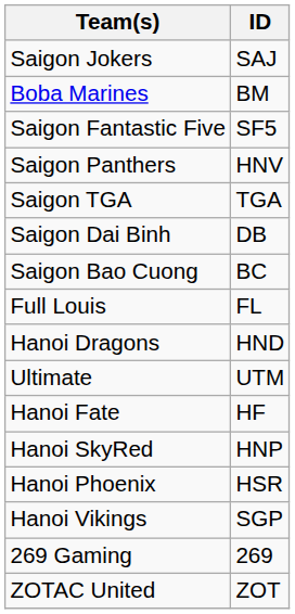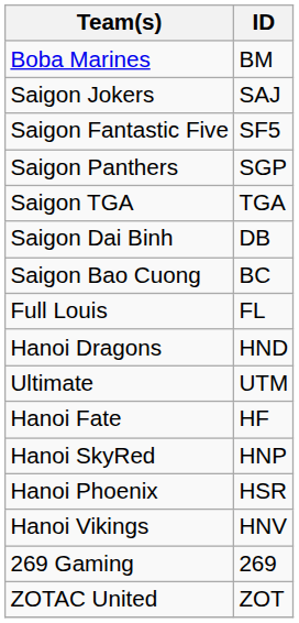 <table class="wikitable">
 <tr>
 <th>Team(s)</th>
 <th>ID</th>
 </tr>
 <tr>
+<td> <a href='#'>Boba Marines</a></td>
+<td>BM</td>
+</tr>
+<tr>
 <td> Saigon Jokers</td>
 <td>SAJ</td>
-</tr>
-<tr>
-<td> <a href='#'>Boba Marines</a></td>
-<td>BM</td>
 </tr>
 <tr>
 <td> Saigon Fantastic Five</td>
 <td>SF5</td>
 </tr>
 <tr>
 <td> Saigon Panthers</td>
-<td>HNV</td>
+<td>SGP</td>
 </tr>
 <tr>
 <td> Saigon TGA</td>
 <td>TGA</td>
 </tr>
 <tr>
 <td> Saigon Dai Binh</td>
 <td>DB</td>
 </tr>
 <tr>
 <td> Saigon Bao Cuong</td>
 <td>BC</td>
 </tr>
 <tr>
 <td> Full Louis</td>
 <td>FL</td>
 </tr>
 <tr>
 <td> Hanoi Dragons</td>
 <td>HND</td>
 </tr>
 <tr>
 <td> Ultimate</td>
 <td>UTM</td>
 </tr>
 <tr>
 <td> Hanoi Fate</td>
 <td>HF</td>
 </tr>
 <tr>
 <td> ⁠Hanoi SkyRed</td>
 <td>HNP</td>
 </tr>
 <tr>
 <td> Hanoi Phoenix</td>
 <td>HSR</td>
 </tr>
 <tr>
 <td> Hanoi Vikings</td>
-<td>SGP</td>
+<td>HNV</td>
 </tr>
 <tr>
 <td> ⁠269 Gaming</td>
 <td>269</td>
 </tr>
 <tr>
 <td> ZOTAC United</td>
 <td>ZOT</td>
 </tr>
 <tr>
 </tr>
 </table>
